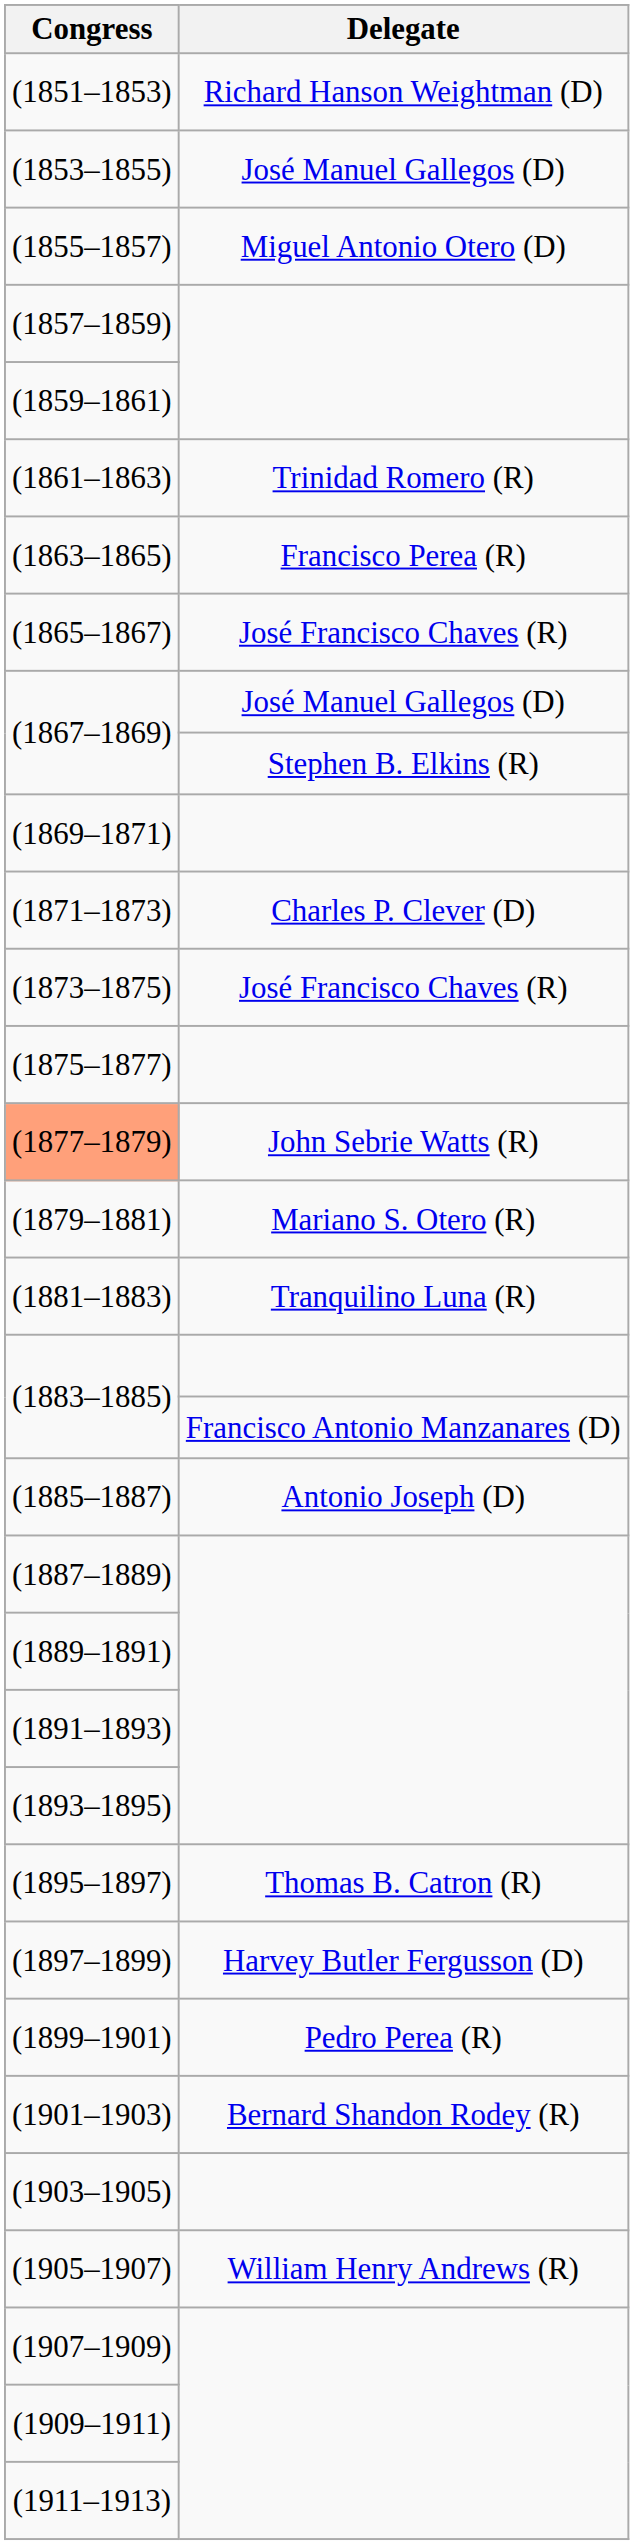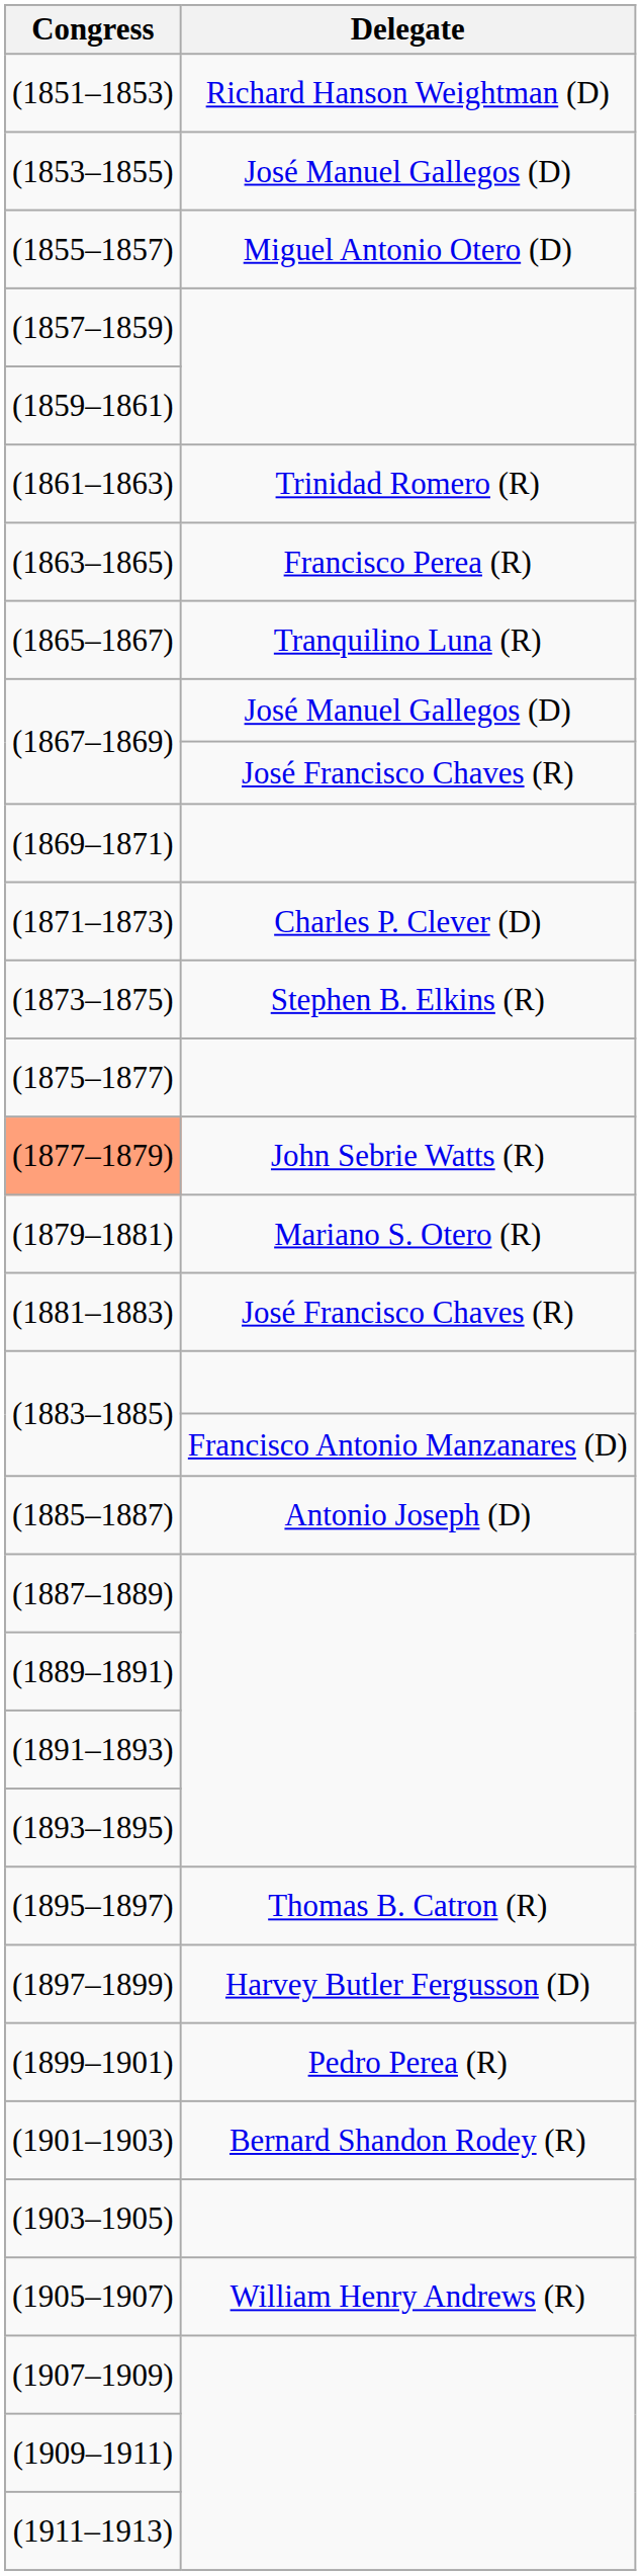 <table class=wikitable style="text-align:center">
 <tr>
 <th>Congress</th>
 <th>Delegate</th>
 </tr>
 <tr style="height:2.5em">
 <td><strong></strong> (1851–1853)</td>
 <td><a href='#'>Richard Hanson Weightman</a> (D)</td>
 </tr>
 <tr style="height:2.5em">
 <td><strong></strong> (1853–1855)</td>
 <td><a href='#'>José Manuel Gallegos</a> (D)</td>
 </tr>
 <tr style="height:2.5em">
 <td><strong></strong> (1855–1857)</td>
 <td><a href='#'>Miguel Antonio Otero</a> (D)</td>
 </tr>
 <tr style="height:2.5em">
 <td><strong></strong> (1857–1859)</td>
 </tr>
 <tr style="height:2.5em">
 <td><strong></strong> (1859–1861)</td>
 </tr>
 <tr style="height:2.5em">
 <td><strong></strong> (1861–1863)</td>
 <td><a href='#'>Trinidad Romero</a> (R)</td>
 </tr>
 <tr style="height:2.5em">
 <td><strong></strong> (1863–1865)</td>
 <td><a href='#'>Francisco Perea</a> (R)</td>
 </tr>
 <tr style="height:2.5em">
 <td><strong></strong> (1865–1867)</td>
-<td><a href='#'>José Francisco Chaves</a> (R)</td>
+<td><a href='#'>Tranquilino Luna</a> (R)</td>
 </tr>
 <tr style="height:2em">
 <td rowspan=2><strong></strong> (1867–1869)</td>
 <td><a href='#'>José Manuel Gallegos</a> (D)</td>
 </tr>
 <tr style="height:2em">
-<td><a href='#'>Stephen B. Elkins</a> (R)</td>
+<td><a href='#'>José Francisco Chaves</a> (R)</td>
 </tr>
 <tr style="height:2.5em">
 <td><strong></strong> (1869–1871)</td>
 </tr>
 <tr style="height:2.5em">
 <td><strong></strong> (1871–1873)</td>
 <td><a href='#'>Charles P. Clever</a> (D)</td>
 </tr>
 <tr style="height:2.5em">
 <td><strong></strong> (1873–1875)</td>
-<td><a href='#'>José Francisco Chaves</a> (R)</td>
+<td><a href='#'>Stephen B. Elkins</a> (R)</td>
 </tr>
 <tr style="height:2.5em">
 <td><strong></strong> (1875–1877)</td>
 </tr>
 <tr style="height:2.5em">
 <td style="background: lightsalmon;"><strong></strong> (1877–1879)</td>
 <td><a href='#'>John Sebrie Watts</a> (R)</td>
 </tr>
 <tr style="height:2.5em">
 <td><strong></strong> (1879–1881)</td>
 <td><a href='#'>Mariano S. Otero</a> (R)</td>
 </tr>
 <tr style="height:2.5em">
 <td><strong></strong> (1881–1883)</td>
-<td><a href='#'>Tranquilino Luna</a> (R)</td>
+<td><a href='#'>José Francisco Chaves</a> (R)</td>
 </tr>
 <tr style="height:2em">
 <td rowspan=2><strong></strong> (1883–1885)</td>
 </tr>
 <tr style="height:2em">
 <td><a href='#'>Francisco Antonio Manzanares</a> (D)</td>
 </tr>
 <tr style="height:2.5em">
 <td><strong></strong> (1885–1887)</td>
 <td><a href='#'>Antonio Joseph</a> (D)</td>
 </tr>
 <tr style="height:2.5em">
 <td><strong></strong> (1887–1889)</td>
 </tr>
 <tr style="height:2.5em">
 <td><strong></strong> (1889–1891)</td>
 </tr>
 <tr style="height:2.5em">
 <td><strong></strong> (1891–1893)</td>
 </tr>
 <tr style="height:2.5em">
 <td><strong></strong> (1893–1895)</td>
 </tr>
 <tr style="height:2.5em">
 <td><strong></strong> (1895–1897)</td>
 <td><a href='#'>Thomas B. Catron</a> (R)</td>
 </tr>
 <tr style="height:2.5em">
 <td><strong></strong> (1897–1899)</td>
 <td><a href='#'>Harvey Butler Fergusson</a> (D)</td>
 </tr>
 <tr style="height:2.5em">
 <td><strong></strong> (1899–1901)</td>
 <td><a href='#'>Pedro Perea</a> (R)</td>
 </tr>
 <tr style="height:2.5em">
 <td><strong></strong> (1901–1903)</td>
 <td><a href='#'>Bernard Shandon Rodey</a> (R)</td>
 </tr>
 <tr style="height:2.5em">
 <td><strong></strong> (1903–1905)</td>
 </tr>
 <tr style="height:2.5em">
 <td><strong></strong> (1905–1907)</td>
 <td><a href='#'>William Henry Andrews</a> (R)</td>
 </tr>
 <tr style="height:2.5em">
 <td><strong></strong> (1907–1909)</td>
 </tr>
 <tr style="height:2.5em">
 <td><strong></strong> (1909–1911)</td>
 </tr>
 <tr style="height:2.5em">
 <td><strong></strong> (1911–1913)</td>
 </tr>
 </table>
